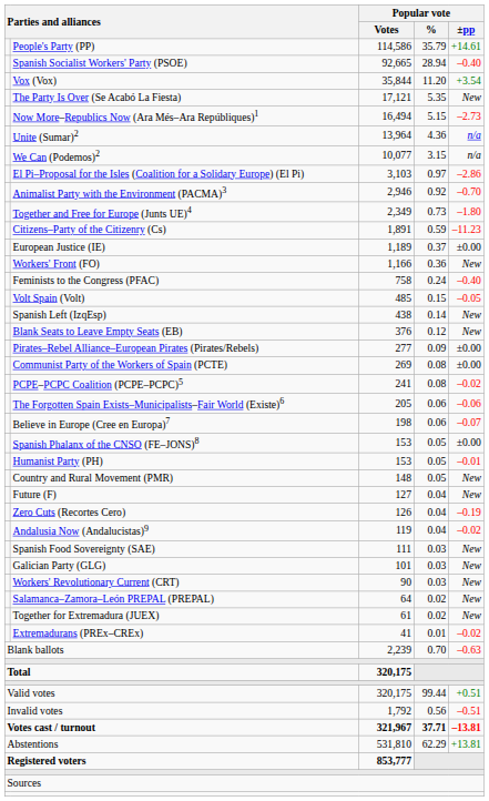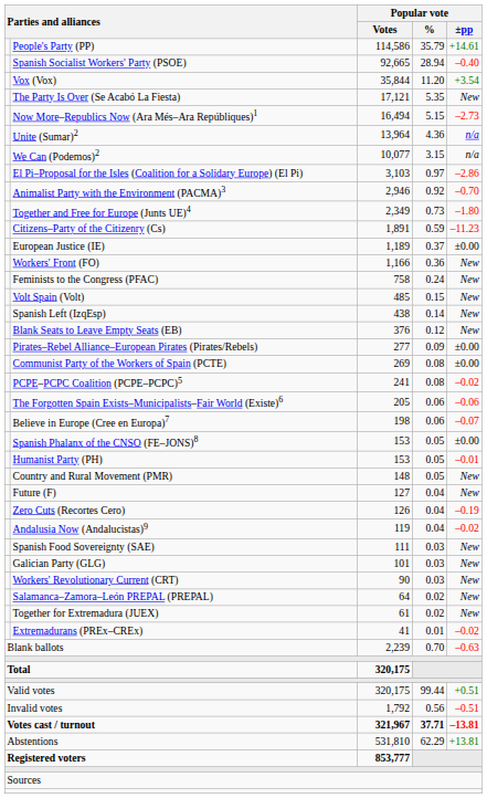 <table class="wikitable" style="text-align:right;">
 <tr>
 <th style="text-align:left;" rowspan="2" colspan="2" width="525">Parties and alliances</th>
 <th colspan="3">Popular vote</th>
 </tr>
 <tr bgcolor="#E9E9E9" align="center">
 <th width="75">Votes</th>
 <th width="45">%</th>
 <th width="45">±<a href='#'>pp</a></th>
 </tr>
 <tr>
 <td width="1" style="color:inherit;background:"></td>
 <td align="left"><a href='#'>People's Party</a> (PP)</td>
 <td>114,586</td>
 <td>35.79</td>
 <td style="color:green;">+14.61</td>
 </tr>
 <tr>
 <td style="color:inherit;background:"></td>
 <td align="left"><a href='#'>Spanish Socialist Workers' Party</a> (PSOE)</td>
 <td>92,665</td>
 <td>28.94</td>
 <td style="color:red;">–0.40</td>
 </tr>
 <tr>
 <td style="color:inherit;background:"></td>
 <td align="left"><a href='#'>Vox</a> (Vox)</td>
 <td>35,844</td>
 <td>11.20</td>
 <td style="color:green;">+3.54</td>
 </tr>
 <tr>
 <td style="color:inherit;background:"></td>
 <td align="left"><a href='#'>The Party Is Over</a> (Se Acabó La Fiesta)</td>
 <td>17,121</td>
 <td>5.35</td>
 <td><em>New</em></td>
 </tr>
 <tr>
 <td style="color:inherit;background:"></td>
 <td align="left"><a href='#'>Now More</a>–<a href='#'>Republics Now</a> (Ara Més–Ara Repúbliques)<sup>1</sup></td>
 <td>16,494</td>
 <td>5.15</td>
 <td style="color:red;">–2.73</td>
 </tr>
 <tr>
 <td style="color:inherit;background:"></td>
 <td align="left"><a href='#'>Unite</a> (Sumar)<sup>2</sup></td>
 <td>13,964</td>
 <td>4.36</td>
 <td><em><a href='#'>n/a</a></em></td>
 </tr>
 <tr>
 <td style="color:inherit;background:"></td>
 <td align="left"><a href='#'>We Can</a> (Podemos)<sup>2</sup></td>
 <td>10,077</td>
 <td>3.15</td>
 <td><em>n/a</em></td>
 </tr>
 <tr>
 <td style="color:inherit;background:"></td>
 <td align="left"><a href='#'>El Pi–Proposal for the Isles</a> (<a href='#'>Coalition for a Solidary Europe</a>) (El Pi)</td>
 <td>3,103</td>
 <td>0.97</td>
 <td style="color:red;">–2.86</td>
 </tr>
 <tr>
 <td style="color:inherit;background:"></td>
 <td align="left"><a href='#'>Animalist Party with the Environment</a> (PACMA)<sup>3</sup></td>
 <td>2,946</td>
 <td>0.92</td>
 <td style="color:red;">–0.70</td>
 </tr>
 <tr>
 <td style="color:inherit;background:"></td>
 <td align="left"><a href='#'>Together and Free for Europe</a> (Junts UE)<sup>4</sup></td>
 <td>2,349</td>
 <td>0.73</td>
 <td style="color:red;">–1.80</td>
 </tr>
 <tr>
 <td style="color:inherit;background:"></td>
 <td align="left"><a href='#'>Citizens–Party of the Citizenry</a> (Cs)</td>
 <td>1,891</td>
 <td>0.59</td>
 <td style="color:red;">–11.23</td>
 </tr>
 <tr>
 <td style="color:inherit;background:"></td>
 <td align="left">European Justice (IE)</td>
 <td>1,189</td>
 <td>0.37</td>
 <td>±0.00</td>
 </tr>
 <tr>
 <td style="color:inherit;background:"></td>
 <td align="left"><a href='#'>Workers' Front</a> (FO)</td>
 <td>1,166</td>
 <td>0.36</td>
 <td><em>New</em></td>
 </tr>
 <tr>
 <td style="color:inherit;background:"></td>
 <td align="left">Feminists to the Congress (PFAC)</td>
 <td>758</td>
 <td>0.24</td>
-<td style="color:red;">–0.40</td>
+<td><em>New</em></td>
 </tr>
 <tr>
 <td style="color:inherit;background:"></td>
 <td align="left"><a href='#'>Volt Spain</a> (Volt)</td>
 <td>485</td>
 <td>0.15</td>
-<td style="color:red;">–0.05</td>
+<td><em>New</em></td>
 </tr>
 <tr>
 <td style="color:inherit;background:"></td>
 <td align="left">Spanish Left (IzqEsp)</td>
 <td>438</td>
 <td>0.14</td>
 <td><em>New</em></td>
 </tr>
 <tr>
 <td style="color:inherit;background:"></td>
 <td align="left"><a href='#'>Blank Seats to Leave Empty Seats</a> (EB)</td>
 <td>376</td>
 <td>0.12</td>
 <td><em>New</em></td>
 </tr>
 <tr>
 <td style="color:inherit;background:"></td>
 <td align="left"><a href='#'>Pirates–Rebel Alliance–European Pirates</a> (Pirates/Rebels)</td>
 <td>277</td>
 <td>0.09</td>
 <td>±0.00</td>
 </tr>
 <tr>
 <td style="color:inherit;background:"></td>
 <td align="left"><a href='#'>Communist Party of the Workers of Spain</a> (PCTE)</td>
 <td>269</td>
 <td>0.08</td>
 <td>±0.00</td>
 </tr>
 <tr>
 <td style="color:inherit;background:"></td>
 <td align="left"><a href='#'>PCPE</a>–<a href='#'>PCPC Coalition</a> (PCPE–PCPC)<sup>5</sup></td>
 <td>241</td>
 <td>0.08</td>
 <td style="color:red;">–0.02</td>
 </tr>
 <tr>
 <td style="color:inherit;background:"></td>
 <td align="left"><a href='#'>The Forgotten Spain Exists–Municipalists</a>–<a href='#'>Fair World</a> (Existe)<sup>6</sup></td>
 <td>205</td>
 <td>0.06</td>
 <td style="color:red;">–0.06</td>
 </tr>
 <tr>
 <td style="color:inherit;background:"></td>
 <td align="left">Believe in Europe (Cree en Europa)<sup>7</sup></td>
 <td>198</td>
 <td>0.06</td>
 <td style="color:red;">–0.07</td>
 </tr>
 <tr>
 <td style="color:inherit;background:"></td>
 <td align="left"><a href='#'>Spanish Phalanx of the CNSO</a> (FE–JONS)<sup>8</sup></td>
 <td>153</td>
 <td>0.05</td>
 <td>±0.00</td>
 </tr>
 <tr>
 <td style="color:inherit;background:"></td>
 <td align="left"><a href='#'>Humanist Party</a> (PH)</td>
 <td>153</td>
 <td>0.05</td>
 <td style="color:red;">–0.01</td>
 </tr>
 <tr>
 <td style="color:inherit;background:"></td>
 <td align="left">Country and Rural Movement (PMR)</td>
 <td>148</td>
 <td>0.05</td>
 <td><em>New</em></td>
 </tr>
 <tr>
 <td style="color:inherit;background:"></td>
 <td align="left">Future (F)</td>
 <td>127</td>
 <td>0.04</td>
 <td><em>New</em></td>
 </tr>
 <tr>
 <td style="color:inherit;background:"></td>
 <td align="left"><a href='#'>Zero Cuts</a> (Recortes Cero)</td>
 <td>126</td>
 <td>0.04</td>
 <td style="color:red;">–0.19</td>
 </tr>
 <tr>
 <td style="color:inherit;background:"></td>
 <td align="left"><a href='#'>Andalusia Now</a> (Andalucistas)<sup>9</sup></td>
 <td>119</td>
 <td>0.04</td>
 <td style="color:red;">–0.02</td>
 </tr>
 <tr>
 <td style="color:inherit;background:"></td>
 <td align="left">Spanish Food Sovereignty (SAE)</td>
 <td>111</td>
 <td>0.03</td>
 <td><em>New</em></td>
 </tr>
 <tr>
 <td style="color:inherit;background:"></td>
 <td align="left">Galician Party (GLG)</td>
 <td>101</td>
 <td>0.03</td>
 <td><em>New</em></td>
 </tr>
 <tr>
 <td style="color:inherit;background:"></td>
 <td align="left"><a href='#'>Workers' Revolutionary Current</a> (CRT)</td>
 <td>90</td>
 <td>0.03</td>
 <td><em>New</em></td>
 </tr>
 <tr>
 <td style="color:inherit;background:"></td>
 <td align="left"><a href='#'>Salamanca–Zamora–León PREPAL</a> (PREPAL)</td>
 <td>64</td>
 <td>0.02</td>
 <td><em>New</em></td>
 </tr>
 <tr>
 <td style="color:inherit;background:"></td>
 <td align="left">Together for Extremadura (JUEX)</td>
 <td>61</td>
 <td>0.02</td>
 <td><em>New</em></td>
 </tr>
 <tr>
 <td style="color:inherit;background:"></td>
 <td align="left"><a href='#'>Extremadurans</a> (PREx–CREx)</td>
 <td>41</td>
 <td>0.01</td>
 <td style="color:red;">–0.02</td>
 </tr>
 <tr>
 <td align="left" colspan="2">Blank ballots</td>
 <td>2,239</td>
 <td>0.70</td>
 <td style="color:red;">–0.63</td>
 </tr>
 <tr>
 <td colspan="5" bgcolor="#E9E9E9"></td>
 </tr>
 <tr style="font-weight:bold;">
 <td align="left" colspan="2">Total</td>
 <td>320,175</td>
 <td bgcolor="#E9E9E9" colspan="2"></td>
 </tr>
 <tr>
 <td colspan="5" bgcolor="#E9E9E9"></td>
 </tr>
 <tr>
 <td align="left" colspan="2">Valid votes</td>
 <td>320,175</td>
 <td>99.44</td>
 <td style="color:green;">+0.51</td>
 </tr>
 <tr>
 <td align="left" colspan="2">Invalid votes</td>
 <td>1,792</td>
 <td>0.56</td>
 <td style="color:red;">–0.51</td>
 </tr>
 <tr style="font-weight:bold;">
 <td align="left" colspan="2">Votes cast / turnout</td>
 <td>321,967</td>
 <td>37.71</td>
 <td style="color:red;">–13.81</td>
 </tr>
 <tr>
 <td align="left" colspan="2">Abstentions</td>
 <td>531,810</td>
 <td>62.29</td>
 <td style="color:green;">+13.81</td>
 </tr>
 <tr style="font-weight:bold;">
 <td align="left" colspan="2">Registered voters</td>
 <td>853,777</td>
 <td bgcolor="#E9E9E9" colspan="2"></td>
 </tr>
 <tr>
 <td colspan="5" bgcolor="#E9E9E9"></td>
 </tr>
 <tr>
 <td align="left" colspan="5">Sources</td>
 </tr>
 <tr>
 <td colspan="5" style="text-align:left; max-width:790px;"></td>
 </tr>
 </table>
